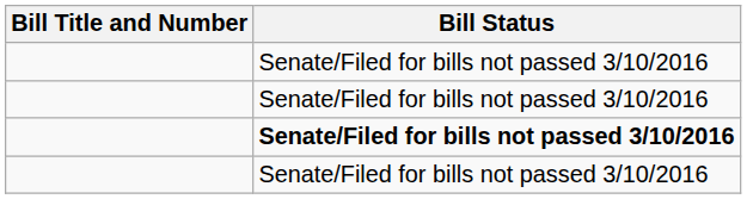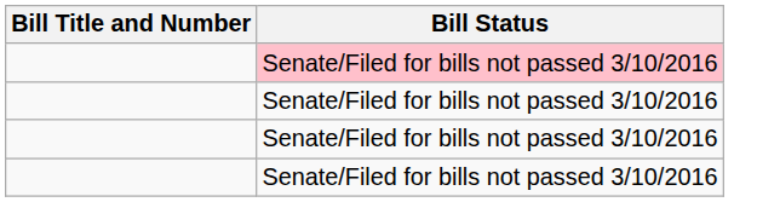 <table class="wikitable">
 <tr>
 <th>Bill Title and Number</th>
 <th>Bill Status</th>
+</tr>
+<tr>
+<td></td>
+<td style="background: pink;">Senate/Filed for bills not passed 3/10/2016</td>
 </tr>
 <tr>
 <td></td>
 <td>Senate/Filed for bills not passed 3/10/2016</td>
 </tr>
 <tr>
 <td></td>
 <td>Senate/Filed for bills not passed 3/10/2016</td>
 </tr>
 <tr>
 <td></td>
-<td><strong>Senate/Filed for bills not passed 3/10/2016</strong></td>
-</tr>
-<tr>
-<td></td>
 <td>Senate/Filed for bills not passed 3/10/2016</td>
 </tr>
 </table>
